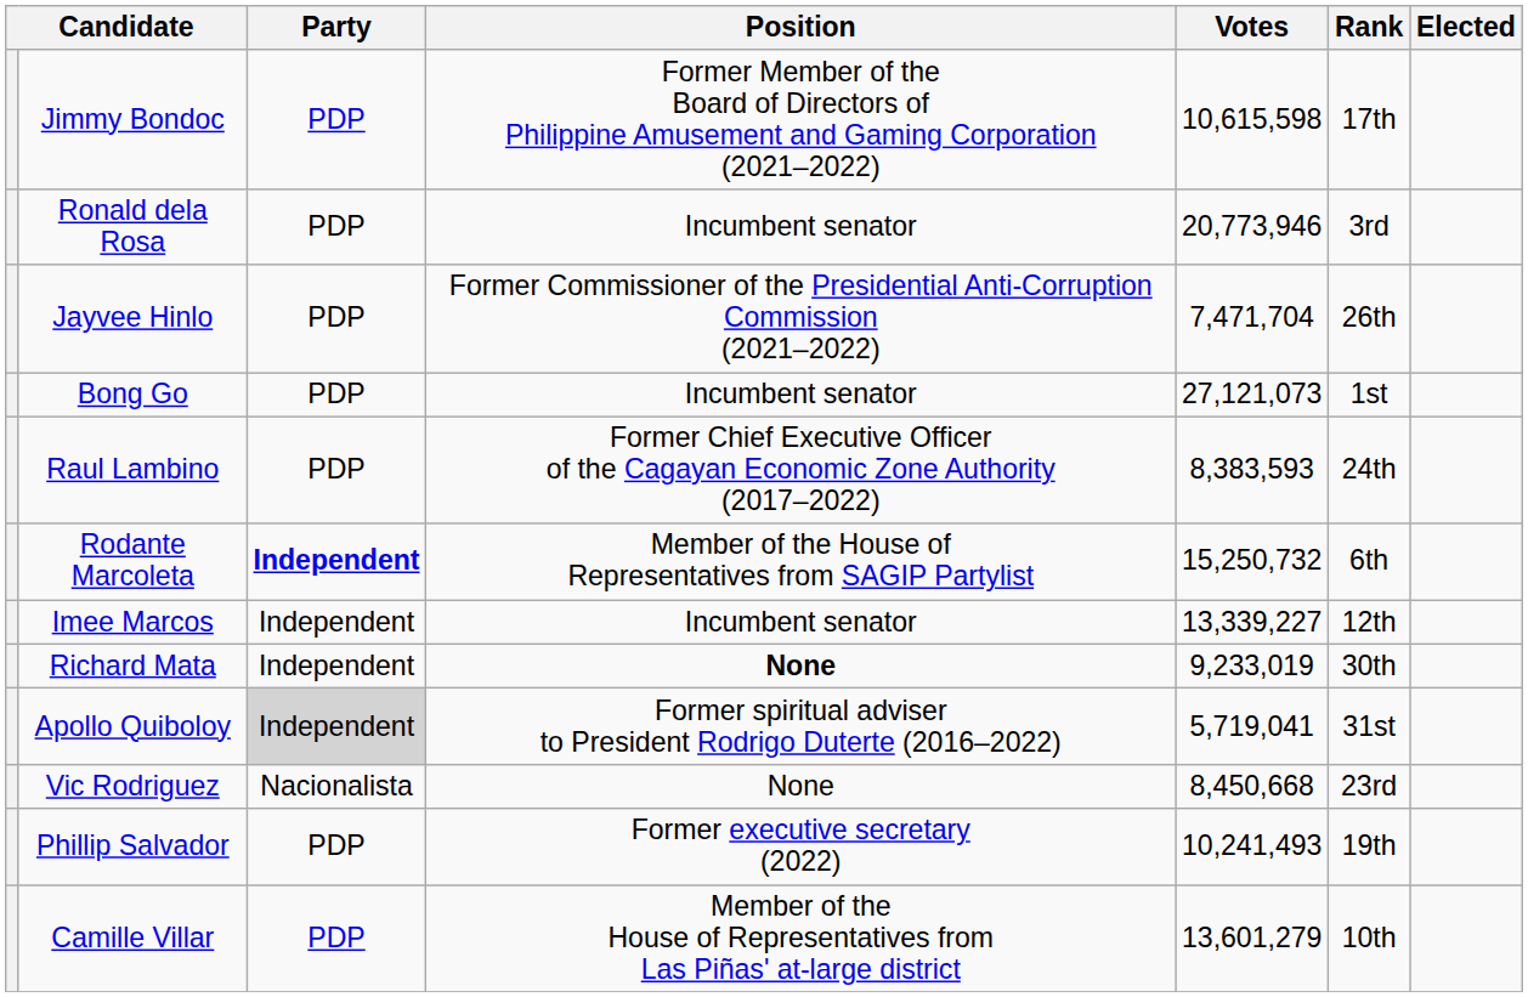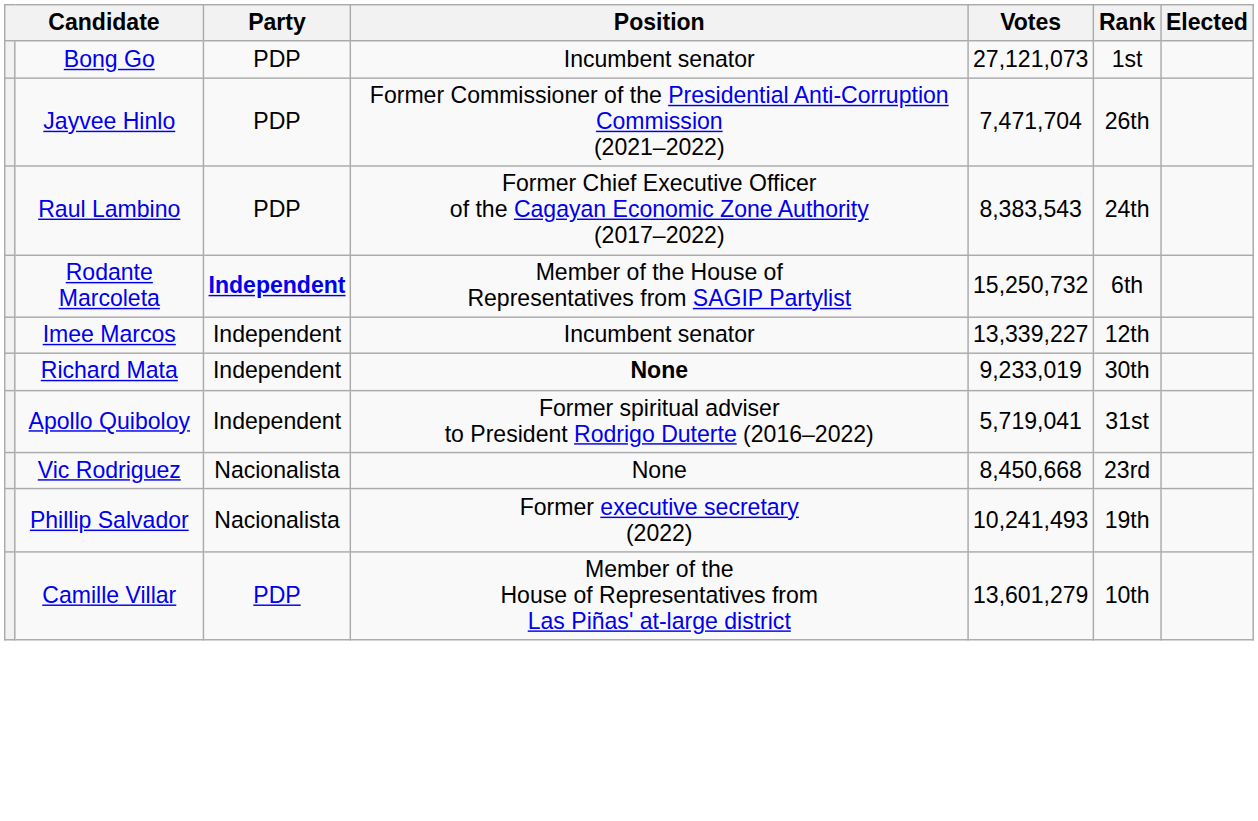 <table class="wikitable sortable" style="text-align:center;font-size:100%;">
 <tr>
 <th colspan="2" class=unsortable>Candidate</th>
 <th class=unsortable>Party</th>
 <th class=unsortable>Position</th>
 <th>Votes</th>
 <th>Rank</th>
 <th class=unsortable>Elected</th>
 </tr>
 <tr>
 <th style="background:"></th>
-<td><a href='#'>Jimmy Bondoc</a></td>
-<td><a href='#'>PDP</a></td>
-<td>Former Member of the<br>Board of Directors of<br><a href='#'>Philippine Amusement and Gaming Corporation</a><br>(2021–2022)</td>
-<td>10,615,598</td>
-<td>17th</td>
-<td></td>
-</tr>
-<tr>
-<th style="background:"></th>
-<td><a href='#'>Ronald dela Rosa</a></td>
+<td><a href='#'>Bong Go</a></td>
 <td>PDP</td>
 <td>Incumbent senator</td>
-<td>20,773,946</td>
-<td>3rd</td>
+<td>27,121,073</td>
+<td>1st</td>
 <td></td>
 </tr>
 <tr>
 <th style="background:"></th>
 <td><a href='#'>Jayvee Hinlo</a></td>
 <td>PDP</td>
 <td>Former Commissioner of the <a href='#'>Presidential Anti-Corruption Commission</a><br>(2021–2022)</td>
 <td>7,471,704</td>
 <td>26th</td>
 <td></td>
 </tr>
 <tr>
 <th style="background:"></th>
-<td><a href='#'>Bong Go</a></td>
-<td>PDP</td>
-<td>Incumbent senator</td>
-<td>27,121,073</td>
-<td>1st</td>
-<td></td>
-</tr>
-<tr>
-<th style="background:"></th>
 <td><a href='#'>Raul Lambino</a></td>
 <td>PDP</td>
 <td>Former Chief Executive Officer<br>of the <a href='#'>Cagayan Economic Zone Authority</a><br>(2017–2022)</td>
-<td>8,383,593</td>
+<td>8,383,543</td>
 <td>24th</td>
 <td></td>
 </tr>
 <tr>
 <th style="background:"></th>
 <td><a href='#'>Rodante Marcoleta</a></td>
 <td><strong><a href='#'>Independent</a></strong></td>
 <td>Member of the House of <br>Representatives from <a href='#'>SAGIP Partylist</a></td>
 <td>15,250,732</td>
 <td>6th</td>
 <td></td>
 </tr>
 <tr>
 <th style="background:"></th>
 <td><a href='#'>Imee Marcos</a></td>
 <td>Independent</td>
 <td>Incumbent senator</td>
 <td>13,339,227</td>
 <td>12th</td>
 <td></td>
 </tr>
 <tr>
 <th style="background:"></th>
 <td><a href='#'>Richard Mata</a></td>
 <td>Independent</td>
 <td><strong>None</strong></td>
 <td>9,233,019</td>
 <td>30th</td>
 <td></td>
 </tr>
 <tr>
 <th style="background:"></th>
 <td><a href='#'>Apollo Quiboloy</a></td>
-<td style="background: lightgrey;">Independent</td>
+<td>Independent</td>
 <td>Former spiritual adviser<br>to President <a href='#'>Rodrigo Duterte</a> (2016–2022)</td>
 <td>5,719,041</td>
 <td>31st</td>
 <td></td>
 </tr>
 <tr>
 <th style="background:"></th>
 <td><a href='#'>Vic Rodriguez</a></td>
 <td>Nacionalista</td>
 <td>None</td>
 <td>8,450,668</td>
 <td>23rd</td>
 <td></td>
 </tr>
 <tr>
 <th style="background:"></th>
 <td><a href='#'>Phillip Salvador</a></td>
-<td>PDP</td>
+<td>Nacionalista</td>
 <td>Former <a href='#'>executive secretary</a><br>(2022)</td>
 <td>10,241,493</td>
 <td>19th</td>
 <td></td>
 </tr>
 <tr>
 <th style="background:"></th>
 <td><a href='#'>Camille Villar</a></td>
 <td><a href='#'>PDP</a></td>
 <td>Member of the<br>House of Representatives from <br><a href='#'>Las Piñas' at-large district</a></td>
 <td>13,601,279</td>
 <td>10th</td>
 <td></td>
 </tr>
 </table>
